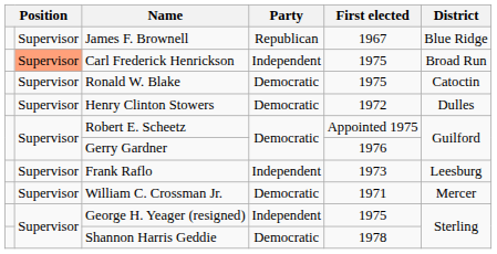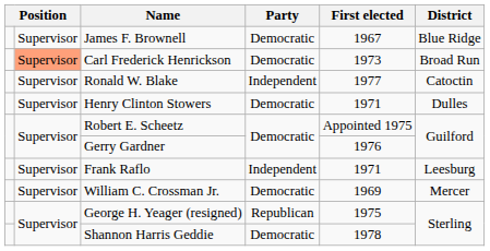 <table class="wikitable">
 <tr>
 <th colspan="2">Position</th>
 <th>Name</th>
 <th>Party</th>
 <th>First elected</th>
 <th>District</th>
 </tr>
 <tr>
 <td style="background-color:"> </td>
 <td>Supervisor</td>
 <td>James F. Brownell</td>
-<td style="text-align:center;">Republican</td>
+<td style="text-align:center;">Democratic</td>
 <td style="text-align:center;">1967</td>
 <td style="text-align:center;">Blue Ridge</td>
 </tr>
 <tr>
 <td style="background-color:"> </td>
 <td style="background: lightsalmon;">Supervisor</td>
 <td>Carl Frederick Henrickson</td>
-<td style="text-align:center;">Independent</td>
-<td style="text-align:center;">1975</td>
+<td style="text-align:center;">Democratic</td>
+<td style="text-align:center;">1973</td>
 <td style="text-align:center;">Broad Run</td>
 </tr>
 <tr>
 <td style="background-color:"> </td>
 <td>Supervisor</td>
 <td>Ronald W. Blake</td>
-<td style="text-align:center;">Democratic</td>
-<td style="text-align:center;">1975</td>
+<td style="text-align:center;">Independent</td>
+<td style="text-align:center;">1977</td>
 <td style="text-align:center;">Catoctin</td>
 </tr>
 <tr>
 <td style="background-color:"> </td>
 <td>Supervisor</td>
 <td>Henry Clinton Stowers</td>
 <td style="text-align:center;">Democratic</td>
-<td style="text-align:center;">1972</td>
+<td style="text-align:center;">1971</td>
 <td style="text-align:center;">Dulles</td>
 </tr>
 <tr>
 <td rowspan="2" style="background-color:"> </td>
 <td rowspan="2">Supervisor</td>
 <td>Robert E. Scheetz</td>
 <td rowspan="2" style="text-align:center;">Democratic</td>
 <td style="text-align:center;">Appointed 1975</td>
 <td rowspan="2" style="text-align:center;">Guilford</td>
 </tr>
 <tr>
 <td>Gerry Gardner</td>
 <td style="text-align:center;">1976</td>
 </tr>
 <tr>
 <td style="background-color:"> </td>
 <td>Supervisor</td>
 <td>Frank Raflo</td>
 <td style="text-align:center;">Independent</td>
-<td style="text-align:center;">1973</td>
+<td style="text-align:center;">1971</td>
 <td style="text-align:center;">Leesburg</td>
 </tr>
 <tr>
 <td style="background-color:"> </td>
 <td>Supervisor</td>
 <td>William C. Crossman Jr.</td>
 <td style="text-align:center;">Democratic</td>
-<td style="text-align:center;">1971</td>
+<td style="text-align:center;">1969</td>
 <td style="text-align:center;">Mercer</td>
 </tr>
 <tr>
 <td style="background-color:"> </td>
 <td rowspan="2">Supervisor</td>
 <td>George H. Yeager (resigned)</td>
-<td style="text-align:center;">Independent</td>
+<td style="text-align:center;">Republican</td>
 <td style="text-align:center;">1975</td>
 <td rowspan="2" style="text-align:center;">Sterling</td>
 </tr>
 <tr>
 <td style="background-color:"> </td>
 <td>Shannon Harris Geddie</td>
 <td style="text-align:center;">Democratic</td>
 <td style="text-align:center;">1978</td>
 </tr>
 </table>
